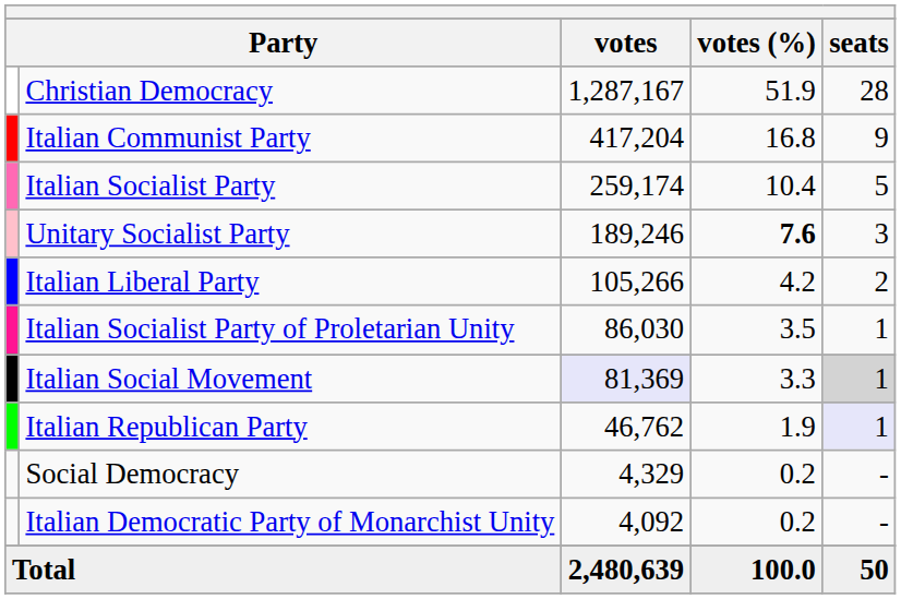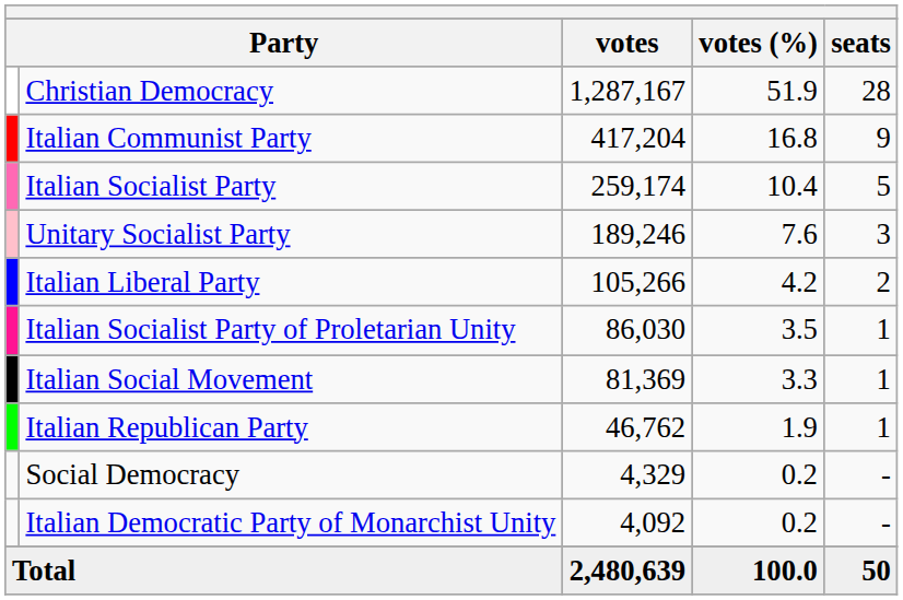 <table class="wikitable" style="font-size:95%">
 <tr>
 <th colspan="5"></th>
 </tr>
 <tr>
 </tr>
 <tr bgcolor="EFEFEF">
 <th colspan=2>Party</th>
 <th>votes</th>
 <th>votes (%)</th>
 <th>seats</th>
 </tr>
 <tr>
 <td bgcolor=white></td>
 <td><a href='#'>Christian Democracy</a></td>
 <td align=right>1,287,167</td>
 <td align=right>51.9</td>
 <td align=right>28</td>
 </tr>
 <tr>
 <td bgcolor=red></td>
 <td><a href='#'>Italian Communist Party</a></td>
 <td align=right>417,204</td>
 <td align=right>16.8</td>
 <td align=right>9</td>
 </tr>
 <tr>
 <td bgcolor=hotpink></td>
 <td><a href='#'>Italian Socialist Party</a></td>
 <td align=right>259,174</td>
 <td align=right>10.4</td>
 <td align=right>5</td>
 </tr>
 <tr>
 <td bgcolor=pink></td>
 <td><a href='#'>Unitary Socialist Party</a></td>
 <td align=right>189,246</td>
-<td align=right><strong>7.6</strong></td>
+<td align=right>7.6</td>
 <td align=right>3</td>
 </tr>
 <tr>
 <td bgcolor=blue></td>
 <td><a href='#'>Italian Liberal Party</a></td>
 <td align=right>105,266</td>
 <td align=right>4.2</td>
 <td align=right>2</td>
 </tr>
 <tr>
 <td bgcolor=deeppink></td>
 <td><a href='#'>Italian Socialist Party of Proletarian Unity</a></td>
 <td align=right>86,030</td>
 <td align=right>3.5</td>
 <td align=right>1</td>
 </tr>
 <tr>
 <td bgcolor=black></td>
 <td><a href='#'>Italian Social Movement</a></td>
-<td align=right style="background: lavender;">81,369</td>
+<td align=right>81,369</td>
 <td align=right>3.3</td>
-<td align=right style="background: lightgrey;">1</td>
+<td align=right>1</td>
 </tr>
 <tr>
 <td bgcolor=lime></td>
 <td><a href='#'>Italian Republican Party</a></td>
 <td align=right>46,762</td>
 <td align=right>1.9</td>
-<td align=right style="background: lavender;">1</td>
+<td align=right>1</td>
 </tr>
 <tr>
 <td bgcolor=></td>
 <td>Social Democracy</td>
 <td align=right>4,329</td>
 <td align=right>0.2</td>
 <td align=right>-</td>
 </tr>
 <tr>
 <td bgcolor=></td>
 <td><a href='#'>Italian Democratic Party of Monarchist Unity</a></td>
 <td align=right>4,092</td>
 <td align=right>0.2</td>
 <td align=right>-</td>
 </tr>
 <tr>
 </tr>
 <tr bgcolor="EFEFEF">
 <td colspan=2><strong>Total</strong></td>
 <td align=right><strong>2,480,639</strong></td>
 <td align=right><strong>100.0</strong></td>
 <td align=right><strong>50</strong></td>
 </tr>
 </table>
